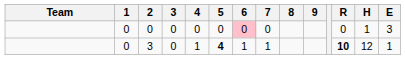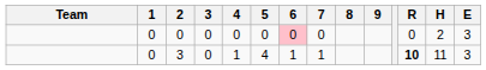 <table border=1 cellspacing=0 width=600 style="margin-left:3em;" class="wikitable">
 <tr style="text-align:center; background-color:#e6e6e6;">
 <th align=left width=28%>Team</th>
 <th width=6%>1</th>
 <th width=6%>2</th>
 <th width=6%>3</th>
 <th width=6%>4</th>
 <th width=6%>5</th>
 <th width=6%>6</th>
 <th width=6%>7</th>
 <th width=6%>8</th>
 <th width=6%>9</th>
 <th rowspan="3" width=0.5%></th>
 <th width=6%>R</th>
 <th width=6%>H</th>
 <th width=6%>E</th>
 </tr>
 <tr style="text-align:center;">
 <td align=left></td>
 <td>0</td>
 <td>0</td>
 <td>0</td>
 <td>0</td>
 <td>0</td>
 <td style="background: pink;">0</td>
 <td>0</td>
 <td></td>
 <td></td>
 <td>0</td>
-<td>1</td>
+<td>2</td>
 <td>3</td>
 </tr>
 <tr style="text-align:center;">
 <td align=left></td>
 <td>0</td>
 <td>3</td>
 <td>0</td>
 <td>1</td>
-<td><strong>4</strong></td>
+<td>4</td>
 <td>1</td>
 <td>1</td>
 <td></td>
 <td></td>
 <td><strong>10</strong></td>
-<td>12</td>
-<td>1</td>
+<td>11</td>
+<td>3</td>
 </tr>
 </table>
